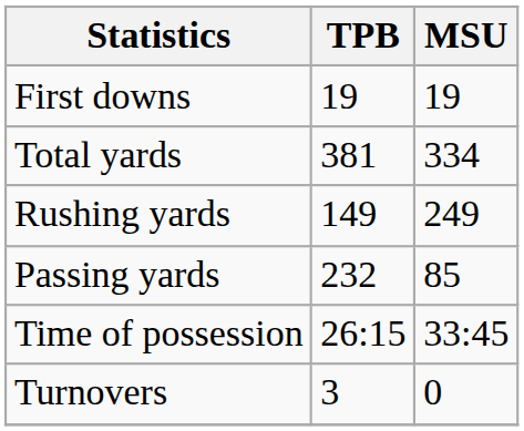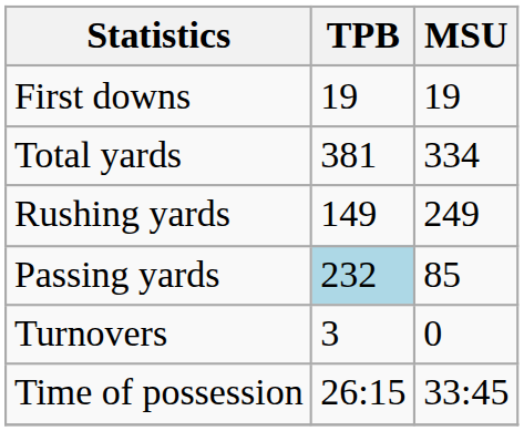 <table class="wikitable" style="float: left;">
 <tr>
 <th>Statistics</th>
 <th>TPB</th>
 <th>MSU</th>
 </tr>
 <tr>
 <td>First downs</td>
 <td>19</td>
 <td>19</td>
 </tr>
 <tr>
 <td>Total yards</td>
 <td>381</td>
 <td>334</td>
 </tr>
 <tr>
 <td>Rushing yards</td>
 <td>149</td>
 <td>249</td>
 </tr>
 <tr>
 <td>Passing yards</td>
-<td>232</td>
+<td style="background: lightblue;">232</td>
 <td>85</td>
+</tr>
+<tr>
+<td>Turnovers</td>
+<td>3</td>
+<td>0</td>
 </tr>
 <tr>
 <td>Time of possession</td>
 <td>26:15</td>
 <td>33:45</td>
 </tr>
 <tr>
-<td>Turnovers</td>
-<td>3</td>
-<td>0</td>
-</tr>
-<tr>
 </tr>
 </table>
